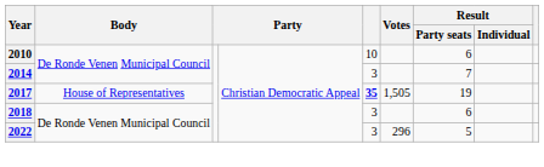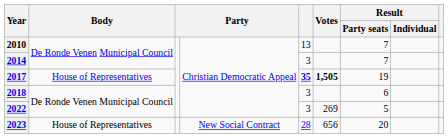 <table class="wikitable plainrowheaders sortable" border=2 cellpadding=4 cellspacing=0 style="border: 1px #aaa solid; font-size: 90%; text-align:center;">
 <tr>
 <th scope="col" rowspan=2>Year</th>
 <th scope="col" rowspan=2>Body</th>
 <th scope="col" colspan=2 rowspan=2>Party</th>
 <th scope="col" rowspan=2></th>
 <th scope="col" rowspan=2>Votes</th>
 <th scope="colgroup" colspan=2>Result</th>
 <th scope="col" rowspan=2 class="unsortable"></th>
 </tr>
 <tr>
 <th scope="col">Party seats</th>
 <th scope="col">Individual</th>
 </tr>
 <tr>
 <th scope="row">2010</th>
 <td rowspan="2"><a href='#'>De Ronde Venen</a> <a href='#'>Municipal Council</a></td>
 <td rowspan="5" style="background-color:"></td>
 <td rowspan="5"><a href='#'>Christian Democratic Appeal</a></td>
-<td style=text-align:right>10</td>
+<td style=text-align:right>13</td>
 <td style=text-align:right></td>
-<td style=text-align:right>6</td>
+<td style=text-align:right>7</td>
 <td></td>
 <td></td>
 </tr>
 <tr>
 <th scope="row"><a href='#'>2014</a></th>
 <td style=text-align:right>3</td>
 <td style=text-align:right></td>
 <td style=text-align:right>7</td>
 <td></td>
 <td></td>
 </tr>
 <tr>
 <th scope="row"><a href='#'>2017</a></th>
 <td><a href='#'>House of Representatives</a></td>
 <td style=text-align:right><strong><a href='#'>35</a></strong></td>
-<td style=text-align:right>1,505</td>
+<td style=text-align:right><strong>1,505</strong></td>
 <td style=text-align:right>19</td>
 <td></td>
 <td></td>
 </tr>
 <tr>
 <th scope="row"><a href='#'>2018</a></th>
 <td rowspan="2">De Ronde Venen Municipal Council</td>
 <td style=text-align:right>3</td>
 <td style=text-align:right></td>
 <td style=text-align:right>6</td>
 <td></td>
 <td></td>
 </tr>
 <tr>
 <th scope="row"><a href='#'>2022</a></th>
 <td style=text-align:right>3</td>
-<td style=text-align:right>296</td>
+<td style=text-align:right>269</td>
 <td style=text-align:right>5</td>
 <td></td>
 <td></td>
 </tr>
+<tr>
+<th scope="row"><a href='#'>2023</a></th>
+<td>House of Representatives</td>
+<td style="background-color:"></td>
+<td><a href='#'>New Social Contract</a></td>
+<td style=text-align:right><a href='#'>28</a></td>
+<td style=text-align:right>656</td>
+<td style=text-align:right>20</td>
+<td></td>
+<td></td>
+</tr>
 </table>
